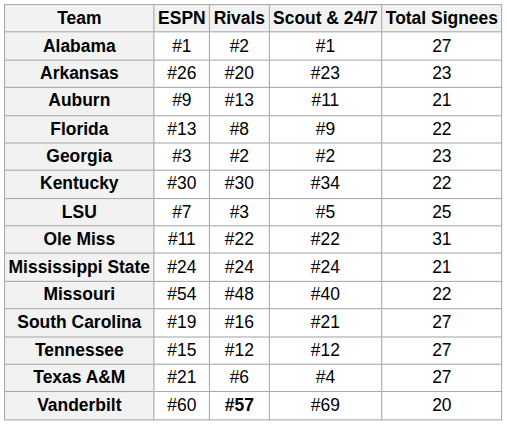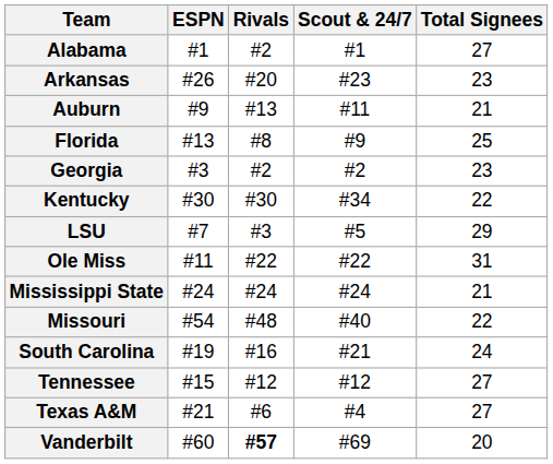 <table class="wikitable">
 <tr>
 <th>Team</th>
 <th>ESPN</th>
 <th>Rivals</th>
 <th>Scout & 24/7 </th>
 <th>Total Signees</th>
 </tr>
 <tr>
 <th>Alabama</th>
 <td style="text-align:center; background:white">#1</td>
 <td style="text-align:center; background:white">#2</td>
 <td style="text-align:center; background:white">#1</td>
 <td style="text-align:center; background:white">27</td>
 </tr>
 <tr>
 <th>Arkansas</th>
 <td style="text-align:center; background:white">#26</td>
 <td style="text-align:center; background:white">#20</td>
 <td style="text-align:center; background:white">#23</td>
 <td style="text-align:center; background:white">23</td>
 </tr>
 <tr>
 <th>Auburn</th>
 <td style="text-align:center; background:white">#9</td>
 <td style="text-align:center; background:white">#13</td>
 <td style="text-align:center; background:white">#11</td>
 <td style="text-align:center; background:white">21</td>
 </tr>
 <tr>
 <th>Florida</th>
 <td style="text-align:center; background:white">#13</td>
 <td style="text-align:center; background:white">#8</td>
 <td style="text-align:center; background:white">#9</td>
-<td style="text-align:center; background:white">22</td>
+<td style="text-align:center; background:white">25</td>
 </tr>
 <tr>
 <th>Georgia</th>
 <td style="text-align:center; background:white">#3</td>
 <td style="text-align:center; background:white">#2</td>
 <td style="text-align:center; background:white">#2</td>
 <td style="text-align:center; background:white">23</td>
 </tr>
 <tr>
 <th>Kentucky</th>
 <td style="text-align:center; background:white">#30</td>
 <td style="text-align:center; background:white">#30</td>
 <td style="text-align:center; background:white">#34</td>
 <td style="text-align:center; background:white">22</td>
 </tr>
 <tr>
 <th>LSU</th>
 <td style="text-align:center; background:white">#7</td>
 <td style="text-align:center; background:white">#3</td>
 <td style="text-align:center; background:white">#5</td>
-<td style="text-align:center; background:white">25</td>
+<td style="text-align:center; background:white">29</td>
 </tr>
 <tr>
 <th>Ole Miss</th>
 <td style="text-align:center; background:white">#11</td>
 <td style="text-align:center; background:white">#22</td>
 <td style="text-align:center; background:white">#22</td>
 <td style="text-align:center; background:white">31</td>
 </tr>
 <tr>
 <th>Mississippi State</th>
 <td style="text-align:center; background:white">#24</td>
 <td style="text-align:center; background:white">#24</td>
 <td style="text-align:center; background:white">#24</td>
 <td style="text-align:center; background:white">21</td>
 </tr>
 <tr>
 <th>Missouri</th>
 <td style="text-align:center; background:white">#54</td>
 <td style="text-align:center; background:white">#48</td>
 <td style="text-align:center; background:white">#40</td>
 <td style="text-align:center; background:white">22</td>
 </tr>
 <tr>
 <th>South Carolina</th>
 <td style="text-align:center; background:white">#19</td>
 <td style="text-align:center; background:white">#16</td>
 <td style="text-align:center; background:white">#21</td>
-<td style="text-align:center; background:white">27</td>
+<td style="text-align:center; background:white">24</td>
 </tr>
 <tr>
 <th>Tennessee</th>
 <td style="text-align:center; background:white">#15</td>
 <td style="text-align:center; background:white">#12</td>
 <td style="text-align:center; background:white">#12</td>
 <td style="text-align:center; background:white">27</td>
 </tr>
 <tr>
 <th>Texas A&M</th>
 <td style="text-align:center; background:white">#21</td>
 <td style="text-align:center; background:white">#6</td>
 <td style="text-align:center; background:white">#4</td>
 <td style="text-align:center; background:white">27</td>
 </tr>
 <tr>
 <th>Vanderbilt</th>
 <td style="text-align:center; background:white">#60</td>
 <td style="text-align:center; background:white"><strong>#57</strong></td>
 <td style="text-align:center; background:white">#69</td>
 <td style="text-align:center; background:white">20</td>
 </tr>
 </table>
